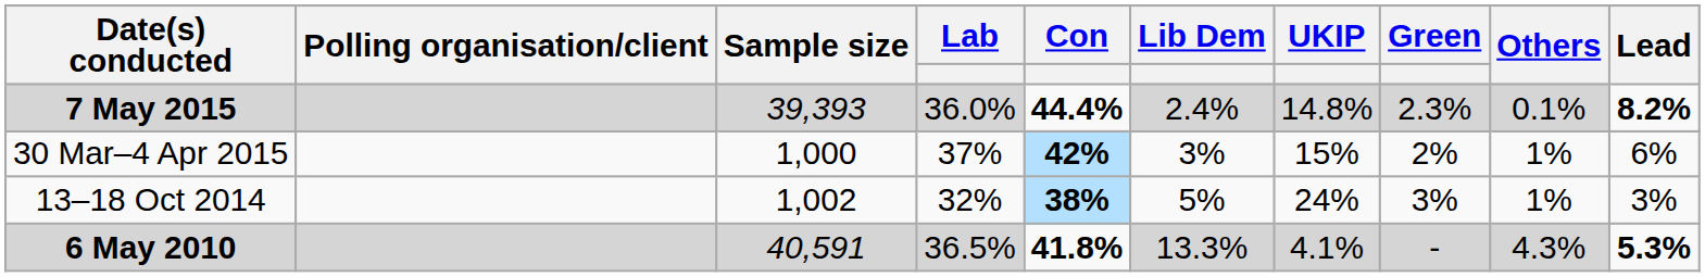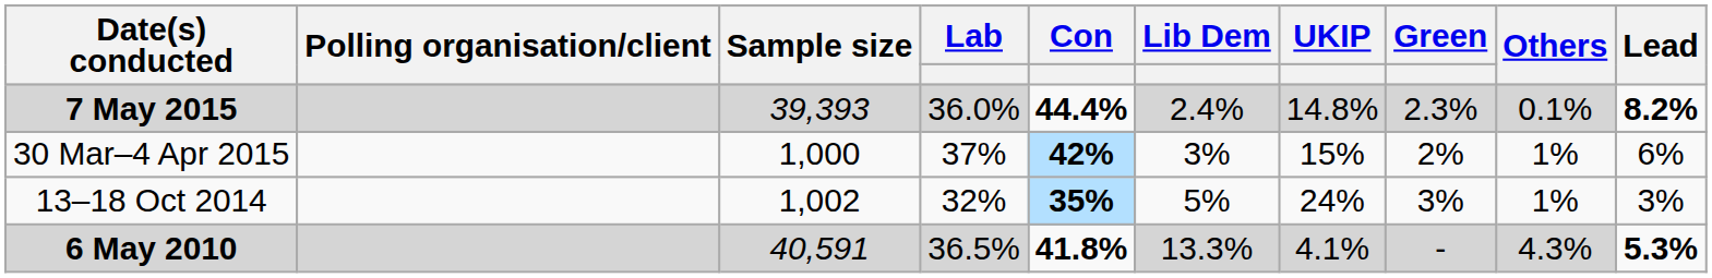 <table class="wikitable sortable" style="text-align:center;font-size:90%;line-height:14px">
 <tr>
 <th rowspan="2">Date(s)<br>conducted</th>
 <th rowspan="2">Polling organisation/client</th>
 <th rowspan="2">Sample size</th>
 <th><a href='#'>Lab</a></th>
 <th><a href='#'>Con</a></th>
 <th><a href='#'>Lib Dem</a></th>
 <th><a href='#'>UKIP</a></th>
 <th><a href='#'>Green</a></th>
 <th rowspan="2" class="unsortable"><a href='#'>Others</a></th>
 <th rowspan="2" class="unsortable">Lead</th>
 </tr>
 <tr>
 <th ! class="unsortable" style="background:"></th>
 <th class="unsortable" style="background:"></th>
 <th class="unsortable" style="background:"></th>
 <th class="unsortable" style="background:"></th>
 <th class="unsortable" style="background:"></th>
 </tr>
 <tr>
 <td style="background:#D5D5D5"><strong>7 May 2015</strong></td>
 <td style="background:#D5D5D5"></td>
 <td style="background:#D5D5D5"><em>39,393</em></td>
 <td style="background:#D5D5D5">36.0%</td>
 <td style="background:"><strong>44.4%</strong></td>
 <td style="background:#D5D5D5">2.4%</td>
 <td style="background:#D5D5D5">14.8%</td>
 <td style="background:#D5D5D5">2.3%</td>
 <td style="background:#D5D5D5">0.1%</td>
 <td style="background:"><strong>8.2% </strong></td>
 </tr>
 <tr>
 <td>30 Mar–4 Apr 2015</td>
 <td></td>
 <td>1,000</td>
 <td>37%</td>
 <td style="background:#B3E0FF"><strong>42%</strong></td>
 <td>3%</td>
 <td>15%</td>
 <td>2%</td>
 <td>1%</td>
 <td style="background:">6%</td>
 </tr>
 <tr>
 <td>13–18 Oct 2014</td>
 <td></td>
 <td>1,002</td>
 <td>32%</td>
-<td style="background:#B3E0FF"><strong>38%</strong></td>
+<td style="background:#B3E0FF"><strong>35%</strong></td>
 <td>5%</td>
 <td>24%</td>
 <td>3%</td>
 <td>1%</td>
 <td style="background:">3%</td>
 </tr>
 <tr>
 <td style="background:#D5D5D5"><strong>6 May 2010</strong></td>
 <td style="background:#D5D5D5"></td>
 <td style="background:#D5D5D5"><em>40,591</em></td>
 <td style="background:#D5D5D5">36.5%</td>
 <td style="background:"><strong>41.8%</strong></td>
 <td style="background:#D5D5D5">13.3%</td>
 <td style="background:#D5D5D5">4.1%</td>
 <td style="background:#D5D5D5">-</td>
 <td style="background:#D5D5D5">4.3%</td>
 <td style="background:"><strong>5.3% </strong></td>
 </tr>
 </table>
